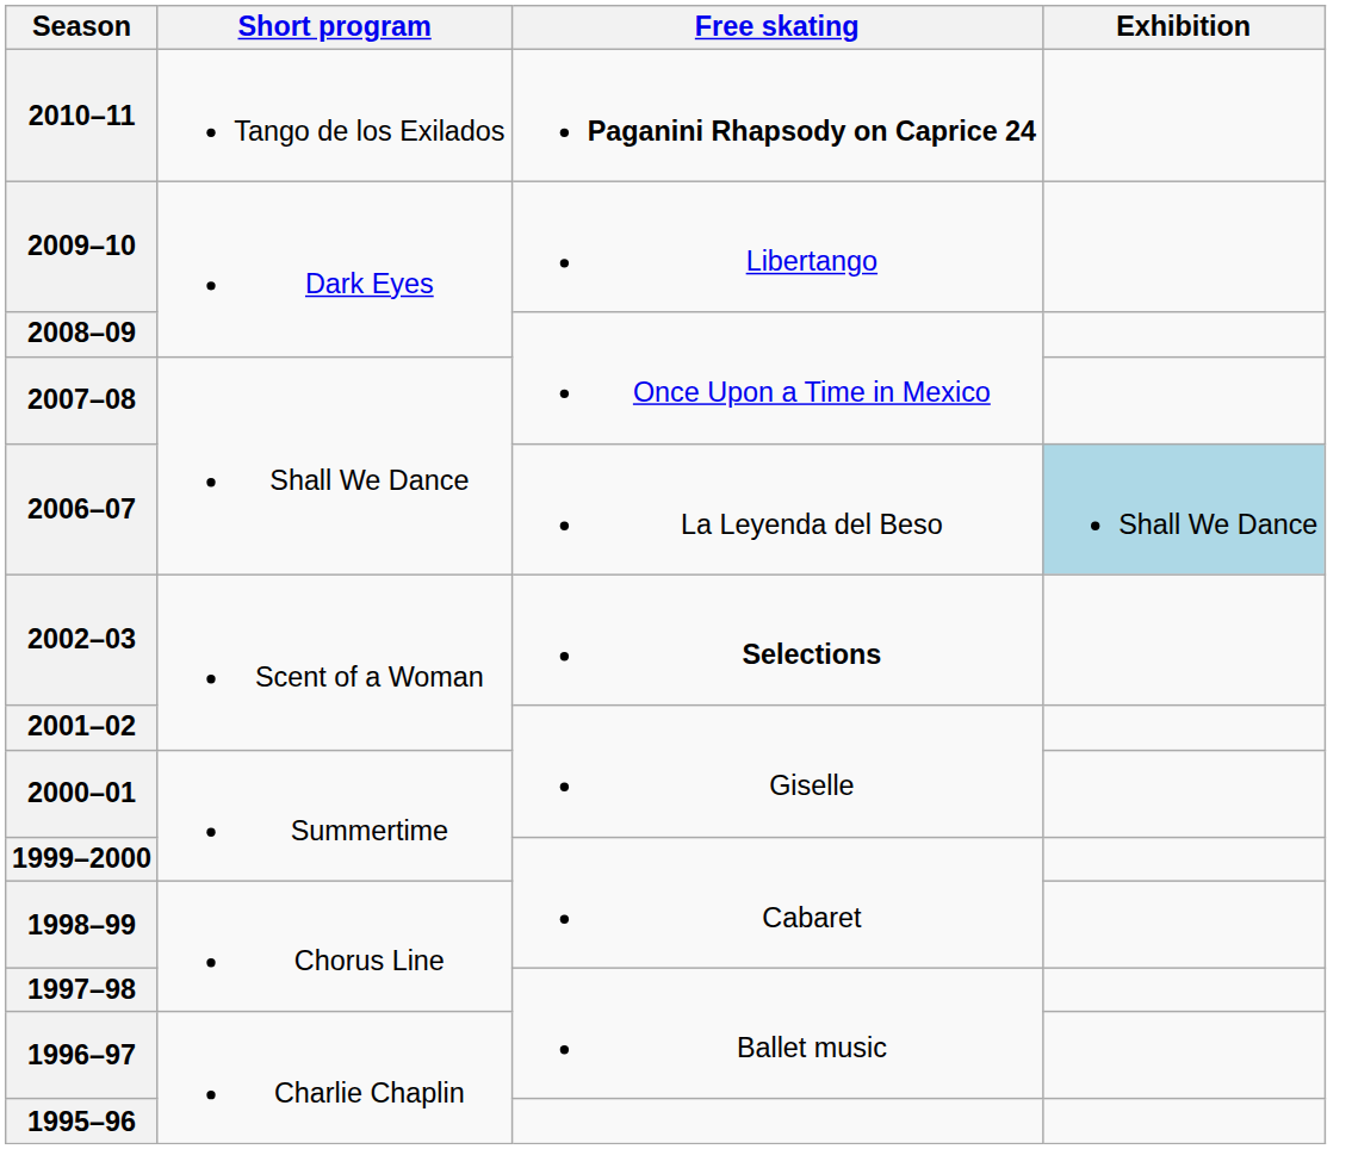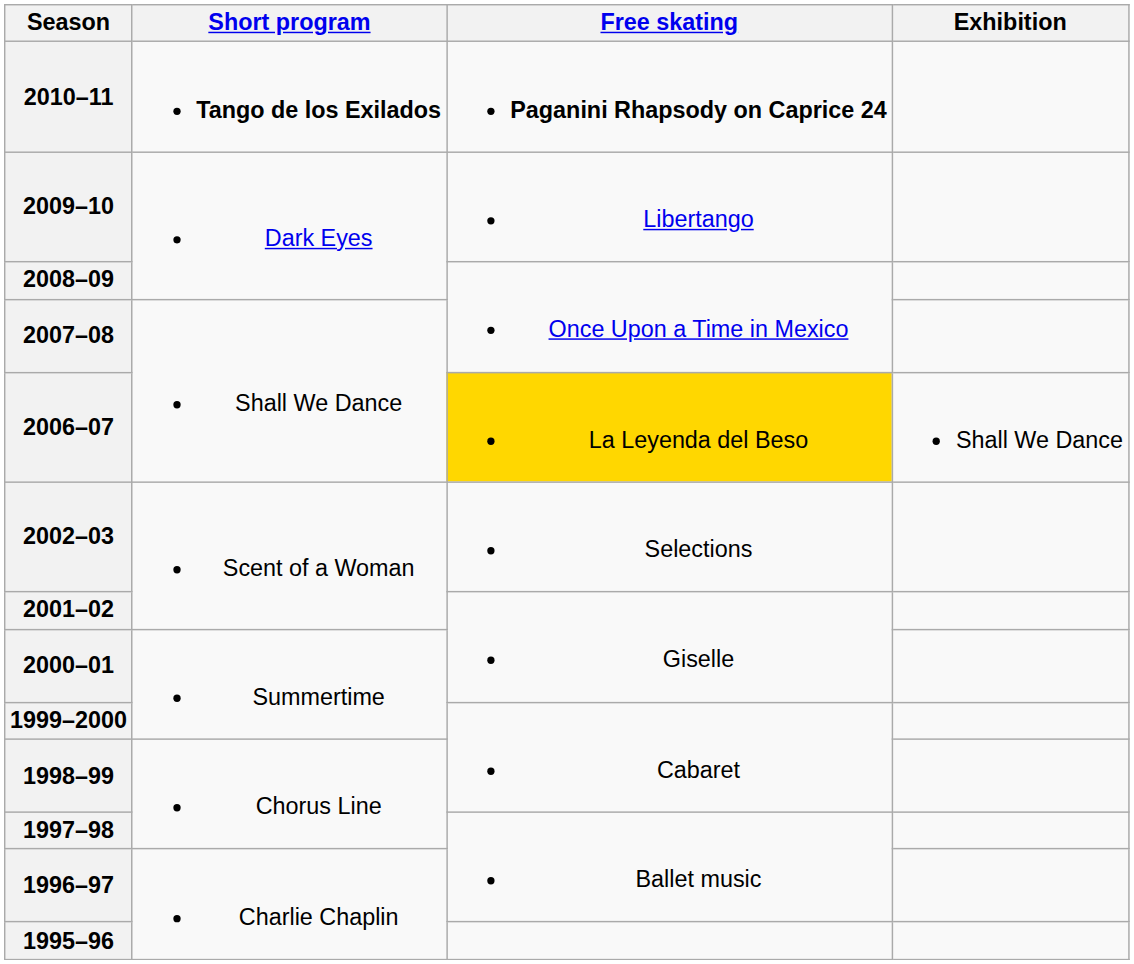 <table class="wikitable" style="text-align:center">
 <tr>
 <th>Season</th>
 <th><a href='#'>Short program</a></th>
 <th><a href='#'>Free skating</a></th>
 <th>Exhibition</th>
 </tr>
 <tr>
 <th>2010–11 <br> </th>
-<td><br><ul><li>Tango de los Exilados <br></li></ul></td>
+<td><strong><br><ul><li>Tango de los Exilados <br></li></ul></strong></td>
 <td><strong><br><ul><li>Paganini Rhapsody on Caprice 24 <br></li></ul></strong></td>
 <td></td>
 </tr>
 <tr>
 <th>2009–10</th>
 <td rowspan=2><br><ul><li><a href='#'>Dark Eyes</a></li></ul></td>
 <td><br><ul><li><a href='#'>Libertango</a> <br></li></ul></td>
 <td></td>
 </tr>
 <tr>
 <th>2008–09 <br> </th>
 <td rowspan=2><br><ul><li><a href='#'>Once Upon a Time in Mexico</a> <br></li></ul></td>
 <td></td>
 </tr>
 <tr>
 <th>2007–08 <br> </th>
 <td rowspan=2><br><ul><li>Shall We Dance</li></ul></td>
 <td></td>
 </tr>
 <tr>
 <th>2006–07 <br> </th>
-<td><br><ul><li>La Leyenda del Beso <br></li></ul></td>
-<td style="background: lightblue;"><br><ul><li>Shall We Dance</li></ul></td>
+<td style="background: gold;"><br><ul><li>La Leyenda del Beso <br></li></ul></td>
+<td><br><ul><li>Shall We Dance</li></ul></td>
 </tr>
 <tr>
 <th>2002–03</th>
 <td rowspan=2><br><ul><li>Scent of a Woman</li></ul></td>
-<td><strong><br><ul><li>Selections <br></li></ul></strong></td>
+<td><br><ul><li>Selections <br></li></ul></td>
 <td></td>
 </tr>
 <tr>
 <th>2001–02</th>
 <td rowspan=2><br><ul><li>Giselle <br></li></ul></td>
 <td></td>
 </tr>
 <tr>
 <th>2000–01 <br> </th>
 <td rowspan=2><br><ul><li>Summertime <br></li></ul></td>
 <td></td>
 </tr>
 <tr>
 <th>1999–2000</th>
 <td rowspan=2><br><ul><li>Cabaret</li></ul></td>
 <td></td>
 </tr>
 <tr>
 <th>1998–99</th>
 <td rowspan=2><br><ul><li>Chorus Line</li></ul></td>
 <td></td>
 </tr>
 <tr>
 <th>1997–98</th>
 <td rowspan=2><br><ul><li>Ballet music</li></ul></td>
 <td></td>
 </tr>
 <tr>
 <th>1996–97</th>
 <td rowspan=2><br><ul><li>Charlie Chaplin</li></ul></td>
 <td></td>
 </tr>
 <tr>
 <th>1995–96</th>
 <td></td>
 <td></td>
 </tr>
 </table>
